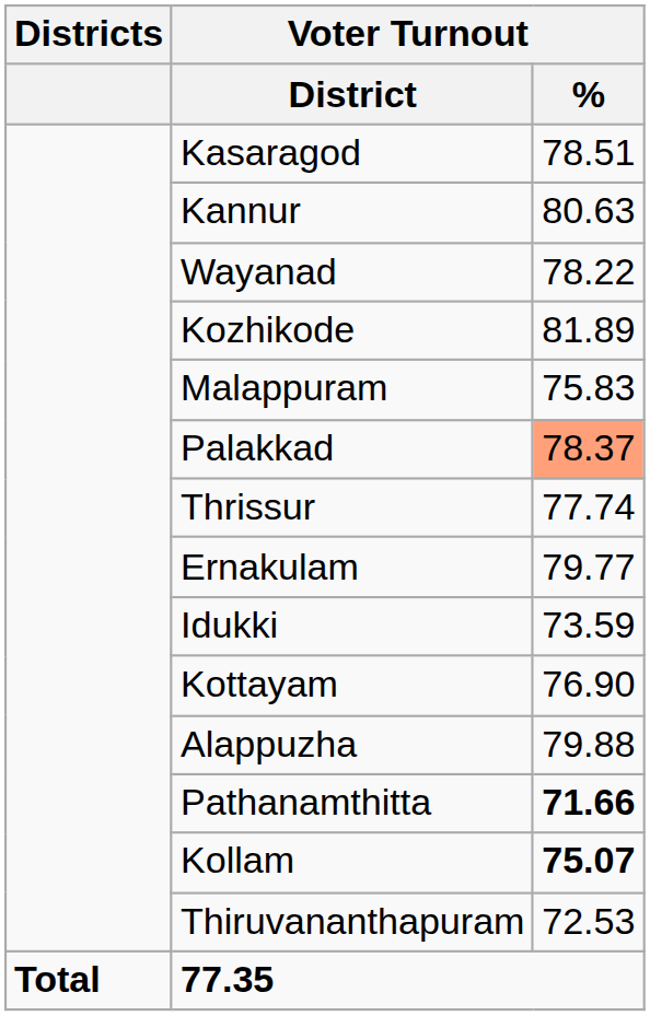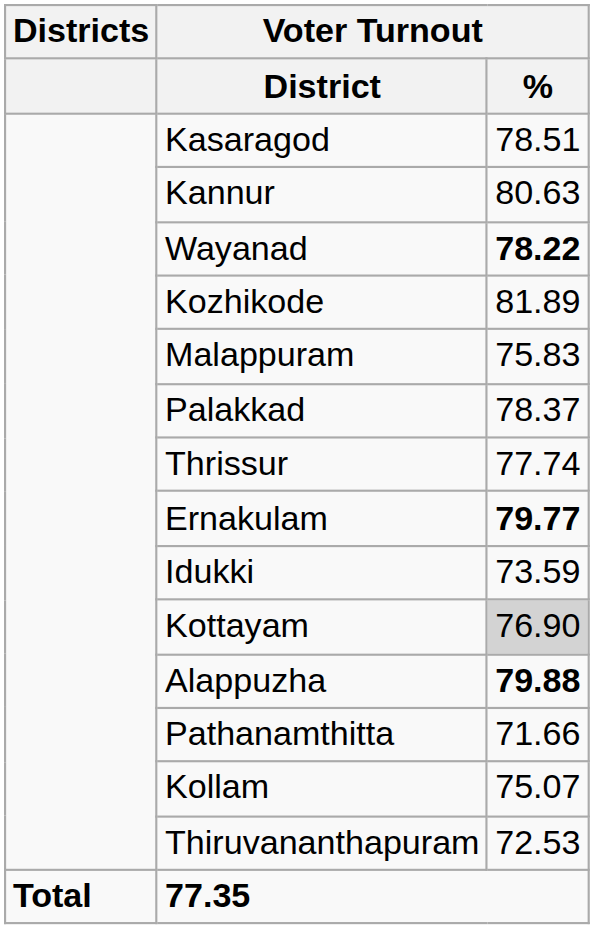 <table class="wikitable">
 <tr>
 <th>Districts</th>
 <th colspan="4">Voter Turnout</th>
 </tr>
 <tr>
 <th></th>
 <th>District</th>
 <th colspan="2">%</th>
 </tr>
 <tr>
 <td rowspan ="14"></td>
 <td>Kasaragod</td>
 <td>78.51</td>
 </tr>
 <tr>
 <td>Kannur</td>
 <td>80.63</td>
 </tr>
 <tr>
 <td>Wayanad</td>
-<td>78.22</td>
+<td><strong>78.22</strong></td>
 </tr>
 <tr>
 <td>Kozhikode</td>
 <td>81.89</td>
 </tr>
 <tr>
 <td>Malappuram</td>
 <td>75.83</td>
 </tr>
 <tr>
 <td>Palakkad</td>
-<td style="background: lightsalmon;">78.37</td>
+<td>78.37</td>
 </tr>
 <tr>
 <td>Thrissur</td>
 <td>77.74</td>
 </tr>
 <tr>
 <td>Ernakulam</td>
-<td>79.77</td>
+<td><strong>79.77</strong></td>
 </tr>
 <tr>
 <td>Idukki</td>
 <td>73.59</td>
 </tr>
 <tr>
 <td>Kottayam</td>
-<td>76.90</td>
+<td style="background: lightgrey;">76.90</td>
 </tr>
 <tr>
 <td>Alappuzha</td>
-<td>79.88</td>
+<td><strong>79.88</strong></td>
 </tr>
 <tr>
 <td>Pathanamthitta</td>
-<td><strong>71.66</strong></td>
+<td>71.66</td>
 </tr>
 <tr>
 <td>Kollam</td>
-<td><strong>75.07</strong></td>
+<td>75.07</td>
 </tr>
 <tr>
 <td>Thiruvananthapuram</td>
 <td>72.53</td>
 </tr>
 <tr>
 <td><strong>Total</strong></td>
 <td colspan="2"><strong>77.35</strong></td>
 </tr>
 </table>
